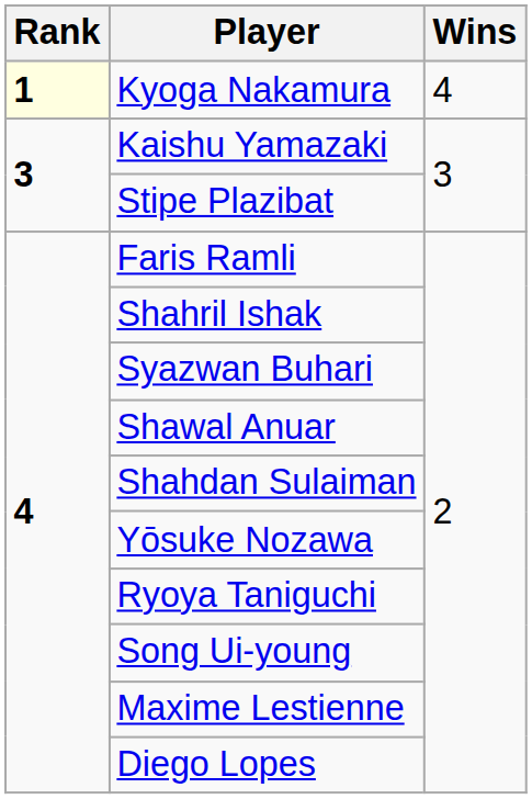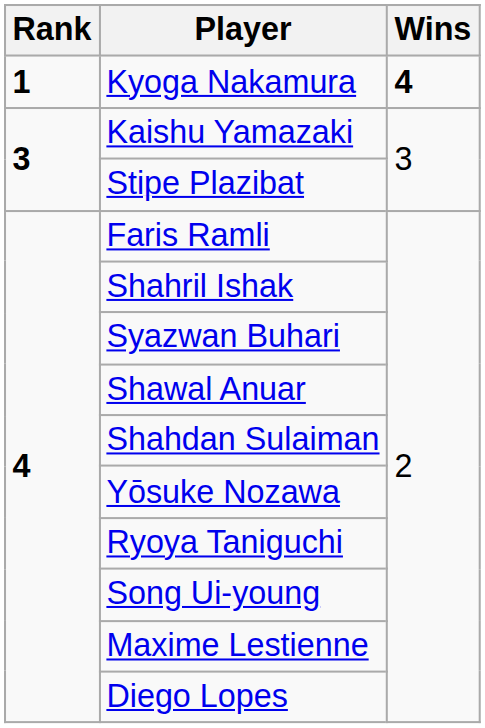 <table class="wikitable">
 <tr>
 <th>Rank</th>
 <th>Player</th>
 <th>Wins</th>
 </tr>
 <tr>
-<td style="background: lightyellow;"><strong>1</strong></td>
+<td><strong>1</strong></td>
 <td> <a href='#'>Kyoga Nakamura</a></td>
-<td>4</td>
+<td><strong>4</strong></td>
 </tr>
 <tr>
 <td rowspan="2"><strong>3</strong></td>
 <td> <a href='#'>Kaishu Yamazaki</a></td>
 <td rowspan="2">3</td>
 </tr>
 <tr>
 <td> <a href='#'>Stipe Plazibat</a></td>
 </tr>
 <tr>
 <td rowspan="10"><strong>4</strong></td>
 <td> <a href='#'>Faris Ramli</a></td>
 <td rowspan="10">2</td>
 </tr>
 <tr>
 <td> <a href='#'>Shahril Ishak</a></td>
 </tr>
 <tr>
 <td> <a href='#'>Syazwan Buhari</a></td>
 </tr>
 <tr>
 <td> <a href='#'>Shawal Anuar</a></td>
 </tr>
 <tr>
 <td> <a href='#'>Shahdan Sulaiman</a></td>
 </tr>
 <tr>
 <td> <a href='#'>Yōsuke Nozawa</a></td>
 </tr>
 <tr>
 <td> <a href='#'>Ryoya Taniguchi</a></td>
 </tr>
 <tr>
 <td> <a href='#'>Song Ui-young</a></td>
 </tr>
 <tr>
 <td> <a href='#'>Maxime Lestienne</a></td>
 </tr>
 <tr>
 <td> <a href='#'>Diego Lopes</a></td>
 </tr>
 </table>
